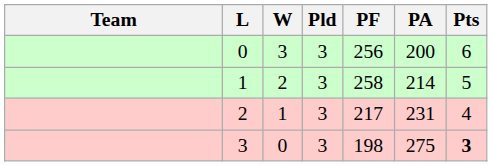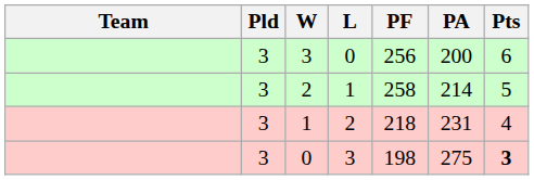 <table class="wikitable" style="text-align:center;">
 <tr>
 <th width=170>Team</th>
+<th width=25>Pld</th>
+<th width=25>W</th>
 <th width=25>L</th>
-<th width=25>W</th>
-<th width=25>Pld</th>
 <th width=35>PF</th>
 <th width=35>PA</th>
 <th width=25>Pts</th>
 </tr>
 <tr bgcolor=#ccffcc>
 <td align="left"></td>
-<td>0</td>
 <td>3</td>
 <td>3</td>
+<td>0</td>
 <td>256</td>
 <td>200</td>
 <td>6</td>
 </tr>
 <tr bgcolor=#ccffcc>
 <td align="left"></td>
+<td>3</td>
+<td>2</td>
 <td>1</td>
-<td>2</td>
-<td>3</td>
 <td>258</td>
 <td>214</td>
 <td>5</td>
 </tr>
 <tr bgcolor=#ffcccc>
 <td align="left"></td>
+<td>3</td>
+<td>1</td>
 <td>2</td>
-<td>1</td>
-<td>3</td>
-<td>217</td>
+<td>218</td>
 <td>231</td>
 <td>4</td>
 </tr>
 <tr bgcolor=#ffcccc>
 <td align="left"></td>
 <td>3</td>
 <td>0</td>
 <td>3</td>
 <td>198</td>
 <td>275</td>
 <td><strong>3</strong></td>
 </tr>
 </table>
